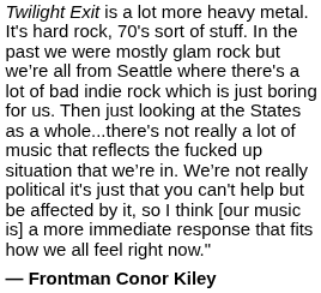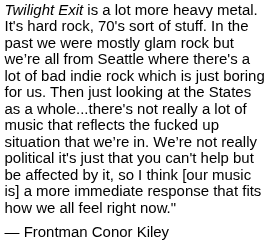 <table class="toccolours" style="float: right; margin-left: 1em; margin-right: 2em; font-size: 85%; background:offwhite; color:black; width:25em; max-width: 40%;" cellspacing="5">
 <tr>
 <td style="text-align: left;"><em>Twilight Exit</em> is a lot more heavy metal. It's hard rock, 70's sort of stuff. In the past we were mostly glam rock but we’re all from Seattle where there's a lot of bad indie rock which is just boring for us. Then just looking at the States as a whole...there's not really a lot of music that reflects the fucked up situation that we’re in. We’re not really political it's just that you can't help but be affected by it, so I think [our music is] a more immediate response that fits how we all feel right now."</td>
 </tr>
 <tr>
-<td style="text-align: left;"><strong>— Frontman Conor Kiley</strong></td>
+<td style="text-align: left;">— Frontman Conor Kiley</td>
 </tr>
 </table>
